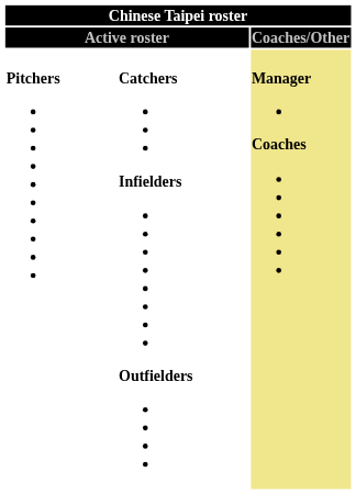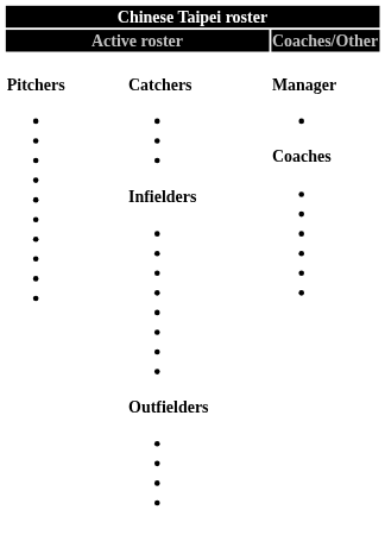 <table class="toccolours" style="font-size: 95%;">
 <tr>
 <th colspan="10" style="background-color: #000000; color: #FFFFFF; text-align: center;">Chinese Taipei roster</th>
 </tr>
 <tr>
 <td colspan="4" style="background-color: #000000; color: #C0C0C0; text-align: center;"><strong>Active roster</strong></td>
 <td colspan="1" style="background-color: #000000; color: #C0C0C0; text-align: center;"><strong>Coaches/Other</strong></td>
 </tr>
 <tr>
 <td style="vertical-align:top;"><br><strong>Pitchers</strong><br><ul><li></li><li></li><li></li><li></li><li></li><li></li><li></li><li></li><li></li><li></li></ul></td>
 <td width="50px"> </td>
 <td style="vertical-align:top;"><br><strong>Catchers</strong><br><ul><li></li><li></li><li></li></ul><strong>Infielders</strong><br><ul><li></li><li></li><li></li><li></li><li></li><li></li><li></li><li></li></ul><strong>Outfielders</strong><br><ul><li></li><li></li><li></li><li></li></ul></td>
 <td width="50"> </td>
-<td style="background: khaki; vertical-align:top;"><br><strong>Manager</strong><br><ul><li></li></ul><strong>Coaches</strong><br><ul><li></li><li></li><li></li><li></li><li></li><li></li></ul></td>
+<td style="vertical-align:top;"><br><strong>Manager</strong><br><ul><li></li></ul><strong>Coaches</strong><br><ul><li></li><li></li><li></li><li></li><li></li><li></li></ul></td>
 </tr>
 </table>
